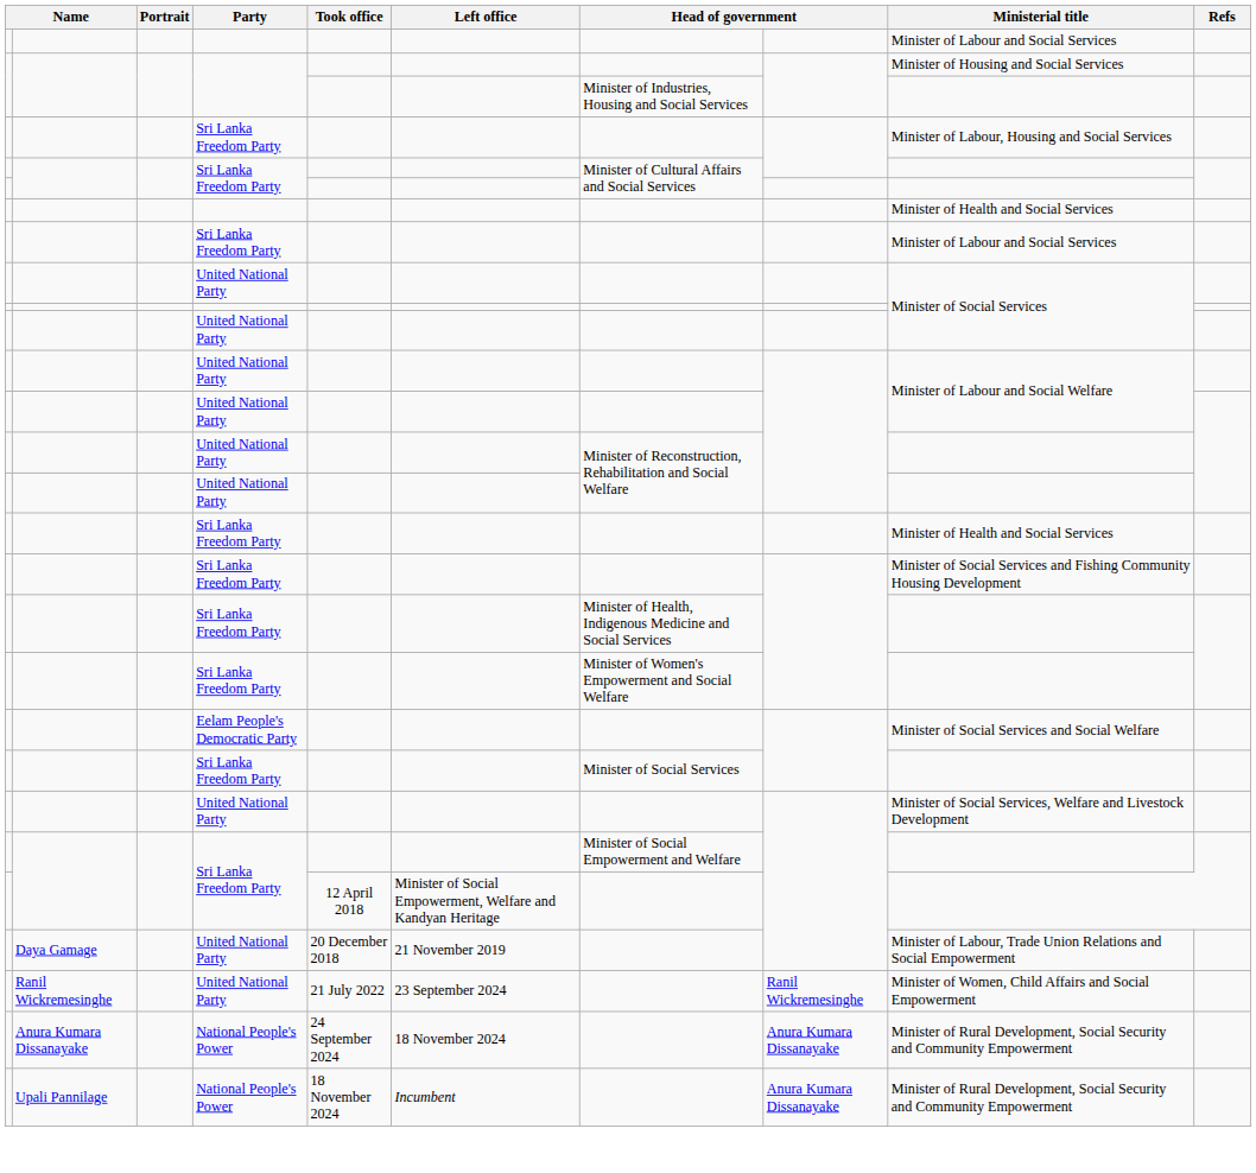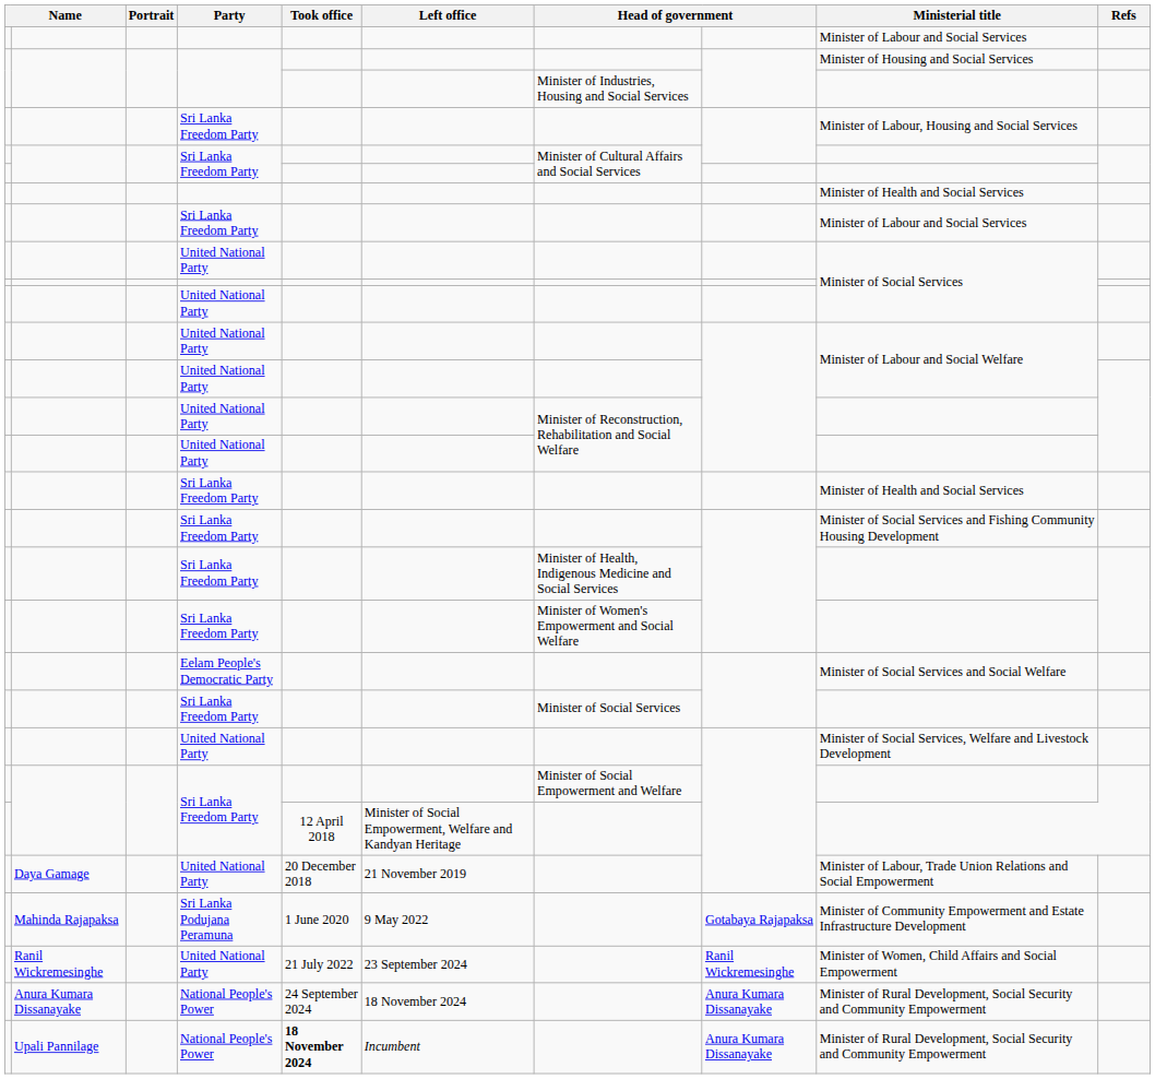 <table class="wikitable plainrowheaders sortable" style="font-size:90%; text-align:left;">
 <tr>
 <th colspan="2" scope="col">Name</th>
 <th scope="col" class="unsortable">Portrait</th>
 <th scope="col">Party</th>
 <th scope="col">Took office</th>
 <th scope="col">Left office</th>
 <th colspan="2" scope="col">Head of government</th>
 <th scope="col" width="300px">Ministerial title</th>
 <th scope="col" width="50px" class="unsortable">Refs</th>
 </tr>
 <tr>
 <td></td>
 <td></td>
 <td></td>
 <td></td>
 <td align="center"></td>
 <td align="center"></td>
 <td style="background:"></td>
 <td></td>
 <td>Minister of Labour and Social Services</td>
 <td align="center"></td>
 </tr>
 <tr>
 <td rowspan="2"></td>
 <td rowspan="2"></td>
 <td rowspan="2"></td>
 <td rowspan="2"></td>
 <td align="center"></td>
 <td align="center"></td>
 <td style="background:"></td>
 <td rowspan="2"></td>
 <td>Minister of Housing and Social Services</td>
 <td align="center"></td>
 </tr>
 <tr>
 <td align="center"></td>
 <td></td>
 <td>Minister of Industries, Housing and Social Services</td>
 <td align="center"></td>
 </tr>
 <tr>
 <td style="background:"></td>
 <td></td>
 <td></td>
 <td><a href='#'>Sri Lanka Freedom Party</a></td>
 <td align="center"></td>
 <td></td>
 <td style="background:"></td>
 <td rowspan="2"></td>
 <td>Minister of Labour, Housing and Social Services</td>
 <td align="center"></td>
 </tr>
 <tr>
 <td style="background:"></td>
 <td rowspan="2"></td>
 <td rowspan="2"></td>
 <td rowspan="2"><a href='#'>Sri Lanka Freedom Party</a></td>
 <td align="center"></td>
 <td></td>
 <td rowspan="2">Minister of Cultural Affairs and Social Services</td>
 <td align="center"></td>
 </tr>
 <tr>
 <td></td>
 <td align="center"></td>
 <td style="background:"></td>
 <td></td>
 <td align="center"></td>
 </tr>
 <tr>
 <td></td>
 <td></td>
 <td></td>
 <td></td>
 <td align="center"></td>
 <td align="center"></td>
 <td style="background:"></td>
 <td></td>
 <td>Minister of Health and Social Services</td>
 <td align="center"></td>
 </tr>
 <tr>
 <td style="background:"></td>
 <td></td>
 <td align="center"></td>
 <td><a href='#'>Sri Lanka Freedom Party</a></td>
 <td align="center"></td>
 <td></td>
 <td style="background:"></td>
 <td></td>
 <td>Minister of Labour and Social Services</td>
 <td align="center"></td>
 </tr>
 <tr>
 <td style="background:"></td>
 <td></td>
 <td align="center"></td>
 <td><a href='#'>United National Party</a></td>
 <td></td>
 <td></td>
 <td style="background:"></td>
 <td></td>
 <td rowspan="3">Minister of Social Services</td>
 <td align="center"></td>
 </tr>
 <tr>
 <td></td>
 <td></td>
 <td></td>
 <td></td>
 <td></td>
 <td></td>
 <td style="background:"></td>
 <td></td>
 <td align="center"></td>
 </tr>
 <tr>
 <td style="background:"></td>
 <td></td>
 <td align="center"></td>
 <td><a href='#'>United National Party</a></td>
 <td align="center"></td>
 <td></td>
 <td style="background:"></td>
 <td></td>
 <td align="center"></td>
 </tr>
 <tr>
 <td style="background:"></td>
 <td></td>
 <td></td>
 <td><a href='#'>United National Party</a></td>
 <td align="center"></td>
 <td align="center"></td>
 <td style="background:"></td>
 <td rowspan="4"></td>
 <td rowspan="2">Minister of Labour and Social Welfare</td>
 <td align="center"></td>
 </tr>
 <tr>
 <td style="background:"></td>
 <td></td>
 <td></td>
 <td><a href='#'>United National Party</a></td>
 <td align="center"></td>
 <td></td>
 <td align="center"></td>
 </tr>
 <tr>
 <td style="background:"></td>
 <td></td>
 <td></td>
 <td><a href='#'>United National Party</a></td>
 <td align="center"></td>
 <td align="center"></td>
 <td rowspan="2">Minister of Reconstruction, Rehabilitation and Social Welfare</td>
 <td align="center"></td>
 </tr>
 <tr>
 <td style="background:"></td>
 <td></td>
 <td></td>
 <td><a href='#'>United National Party</a></td>
 <td align="center"></td>
 <td></td>
 <td align="center"></td>
 </tr>
 <tr>
 <td style="background:"></td>
 <td></td>
 <td align="center"></td>
 <td><a href='#'>Sri Lanka Freedom Party</a></td>
 <td align="center"></td>
 <td></td>
 <td style="background:"></td>
 <td></td>
 <td>Minister of Health and Social Services</td>
 <td align="center"></td>
 </tr>
 <tr>
 <td style="background:"></td>
 <td></td>
 <td></td>
 <td><a href='#'>Sri Lanka Freedom Party</a></td>
 <td align="center"></td>
 <td></td>
 <td style="background:"></td>
 <td rowspan="3"></td>
 <td>Minister of Social Services and Fishing Community Housing Development</td>
 <td align="center"></td>
 </tr>
 <tr>
 <td style="background:"></td>
 <td></td>
 <td></td>
 <td><a href='#'>Sri Lanka Freedom Party</a></td>
 <td align="center"></td>
 <td></td>
 <td>Minister of Health, Indigenous Medicine and Social Services</td>
 <td align="center"></td>
 </tr>
 <tr>
 <td style="background:"></td>
 <td></td>
 <td></td>
 <td><a href='#'>Sri Lanka Freedom Party</a></td>
 <td align="center"></td>
 <td></td>
 <td>Minister of Women's Empowerment and Social Welfare</td>
 <td align="center"></td>
 </tr>
 <tr>
 <td style="background:"></td>
 <td></td>
 <td align="center"></td>
 <td><a href='#'>Eelam People's Democratic Party</a></td>
 <td align="center"></td>
 <td></td>
 <td style="background:"></td>
 <td rowspan="2"></td>
 <td>Minister of Social Services and Social Welfare</td>
 <td align="center"></td>
 </tr>
 <tr>
 <td style="background:"></td>
 <td></td>
 <td></td>
 <td><a href='#'>Sri Lanka Freedom Party</a></td>
 <td align="center"></td>
 <td></td>
 <td>Minister of Social Services</td>
 <td align="center"></td>
 </tr>
 <tr>
 <td style="background:"></td>
 <td></td>
 <td align="center"></td>
 <td><a href='#'>United National Party</a></td>
 <td align="center"></td>
 <td align="center"></td>
 <td style="background:"></td>
 <td rowspan="4"></td>
 <td>Minister of Social Services, Welfare and Livestock Development</td>
 <td align="center"></td>
 </tr>
 <tr>
 <td style="background:"></td>
 <td rowspan="2"></td>
 <td rowspan="2" align="center"></td>
 <td rowspan="2"><a href='#'>Sri Lanka Freedom Party</a></td>
 <td align="center"></td>
 <td align="center"></td>
 <td>Minister of Social Empowerment and Welfare</td>
 <td align="center"></td>
 </tr>
 <tr>
 <td align="center"></td>
 <td align="center">12 April 2018</td>
 <td>Minister of Social Empowerment, Welfare and Kandyan Heritage</td>
 <td align="center"></td>
 </tr>
 <tr>
 <td style="background:"></td>
 <td><a href='#'>Daya Gamage</a></td>
 <td></td>
 <td><a href='#'>United National Party</a></td>
 <td>20 December 2018</td>
 <td>21 November 2019</td>
 <td style="background:"></td>
 <td>Minister of Labour, Trade Union Relations and Social Empowerment</td>
 <td></td>
 </tr>
 <tr>
 <td style="background:"></td>
+<td><a href='#'>Mahinda Rajapaksa</a></td>
+<td></td>
+<td><a href='#'>Sri Lanka Podujana Peramuna</a></td>
+<td>1 June 2020</td>
+<td>9 May 2022</td>
+<td style="background:"></td>
+<td><a href='#'>Gotabaya Rajapaksa</a></td>
+<td>Minister of Community Empowerment and Estate Infrastructure Development</td>
+<td></td>
+</tr>
+<tr>
+<td style="background:"></td>
 <td><a href='#'>Ranil Wickremesinghe</a></td>
 <td></td>
 <td><a href='#'>United National Party</a></td>
 <td>21 July 2022</td>
 <td>23 September 2024</td>
 <td style="background:"></td>
 <td><a href='#'>Ranil Wickremesinghe</a></td>
 <td>Minister of Women, Child Affairs and Social Empowerment</td>
 <td></td>
 </tr>
 <tr>
 <td style="background:"></td>
 <td><a href='#'>Anura Kumara Dissanayake</a></td>
 <td></td>
 <td><a href='#'>National People's Power</a></td>
 <td>24 September 2024</td>
 <td>18 November 2024</td>
 <td style="background:"></td>
 <td><a href='#'>Anura Kumara Dissanayake</a></td>
 <td>Minister of Rural Development, Social Security and Community Empowerment</td>
 <td></td>
 </tr>
 <tr>
 <td style="background:"></td>
 <td><a href='#'>Upali Pannilage</a></td>
 <td></td>
 <td><a href='#'>National People's Power</a></td>
-<td>18 November 2024</td>
+<td><strong>18 November 2024</strong></td>
 <td><em>Incumbent</em></td>
 <td style="background:"></td>
 <td><a href='#'>Anura Kumara Dissanayake</a></td>
 <td>Minister of Rural Development, Social Security and Community Empowerment</td>
 <td></td>
 </tr>
 </table>
